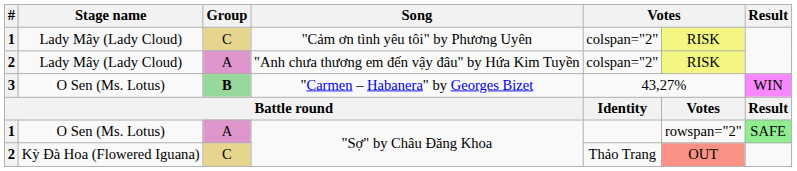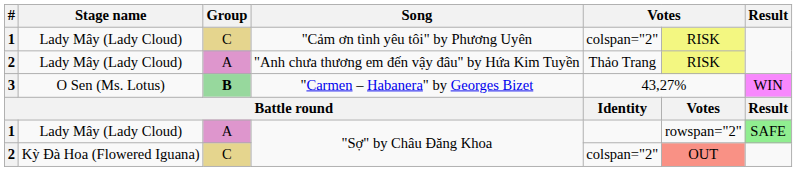 <table class="wikitable plainrowheaders" style="text-align: center;">
 <tr>
 <th>#</th>
 <th>Stage name</th>
 <th>Group</th>
 <th>Song</th>
 <th colspan="2">Votes</th>
 <th>Result</th>
 </tr>
 <tr>
 <th>1</th>
 <td>Lady Mây (Lady Cloud)</td>
 <td bgcolor="#E5D58E">C</td>
 <td>"Cảm ơn tình yêu tôi" by Phương Uyên</td>
 <td>colspan="2" </td>
 <td bgcolor="#F3F781">RISK</td>
 </tr>
 <tr>
 <th>2</th>
 <td>Lady Mây (Lady Cloud)</td>
 <td bgcolor="#DE96CD">A</td>
 <td>"Anh chưa thương em đến vậy đâu" by Hứa Kim Tuyền</td>
-<td>colspan="2" </td>
+<td>Thảo Trang</td>
 <td bgcolor="#F3F781">RISK</td>
 </tr>
 <tr>
 <th>3</th>
 <td>O Sen (Ms. Lotus)</td>
 <td bgcolor="#97D89D"><strong>B</strong></td>
 <td>"<a href='#'>Carmen</a> – <a href='#'>Habanera</a>" by <a href='#'>Georges Bizet</a></td>
 <td colspan="2">43,27%</td>
 <td bgcolor="#F888FD">WIN</td>
 </tr>
 <tr>
 <th colspan="4">Battle round</th>
 <th>Identity</th>
 <th>Votes</th>
 <th>Result</th>
 </tr>
 <tr>
 <th>1</th>
-<td>O Sen (Ms. Lotus)</td>
+<td>Lady Mây (Lady Cloud)</td>
 <td bgcolor="#DE96CD">A</td>
 <td rowspan="2">"Sợ" by Châu Đăng Khoa</td>
 <td></td>
 <td>rowspan="2"  </td>
 <td bgcolor=lightgreen>SAFE</td>
 </tr>
 <tr>
 <th>2</th>
 <td>Kỳ Đà Hoa (Flowered Iguana)</td>
 <td bgcolor="#E5D58E">C</td>
-<td>Thảo Trang</td>
+<td>colspan="2" </td>
 <td bgcolor="#F99185">OUT</td>
 </tr>
 </table>
